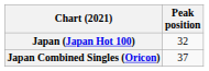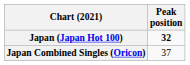 <table class="wikitable sortable plainrowheaders" style="text-align:center">
 <tr>
 <th scope="col">Chart (2021)</th>
 <th scope="col">Peak<br>position</th>
 </tr>
 <tr>
 <th scope="row">Japan (<a href='#'>Japan Hot 100</a>)</th>
-<td>32</td>
+<td><strong>32</strong></td>
 </tr>
 <tr>
 <th scope="row">Japan Combined Singles (<a href='#'>Oricon</a>)</th>
 <td>37</td>
 </tr>
 </table>
